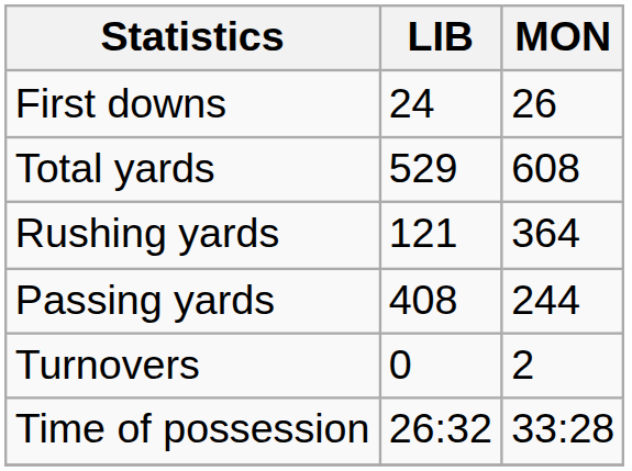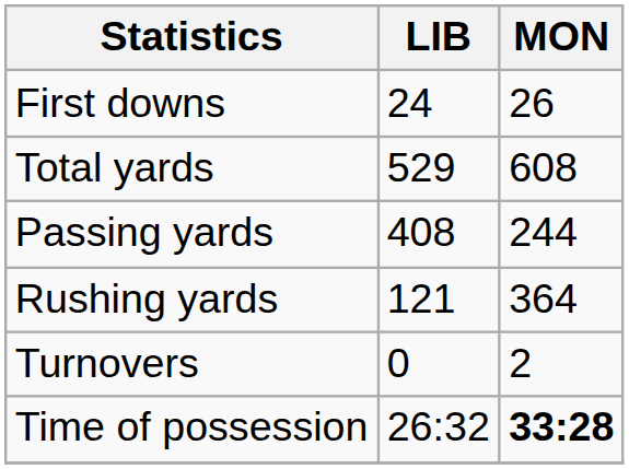 <table class="wikitable">
 <tr>
 <th>Statistics</th>
 <th>LIB</th>
 <th>MON</th>
 </tr>
 <tr>
 <td>First downs</td>
 <td>24</td>
 <td>26</td>
 </tr>
 <tr>
 <td>Total yards</td>
 <td>529</td>
 <td>608</td>
 </tr>
 <tr>
+<td>Passing yards</td>
+<td>408</td>
+<td>244</td>
+</tr>
+<tr>
 <td>Rushing yards</td>
 <td>121</td>
 <td>364</td>
-</tr>
-<tr>
-<td>Passing yards</td>
-<td>408</td>
-<td>244</td>
 </tr>
 <tr>
 <td>Turnovers</td>
 <td>0</td>
 <td>2</td>
 </tr>
 <tr>
 <td>Time of possession</td>
 <td>26:32</td>
-<td>33:28</td>
+<td><strong>33:28</strong></td>
 </tr>
 <tr>
 </tr>
 </table>
